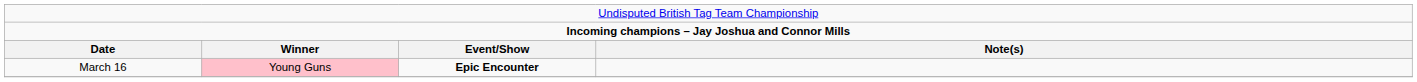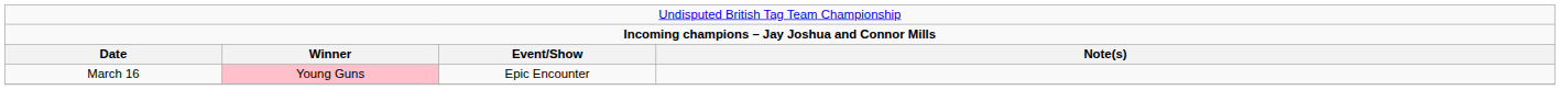 <table class="wikitable" style="text-align:center; width:100%;">
 <tr>
 <td colspan="4" style="text-align: center;"><a href='#'>Undisputed British Tag Team Championship</a></td>
 </tr>
 <tr>
 <td colspan="4" style="text-align: center;"><strong>Incoming champions – Jay Joshua and Connor Mills</strong></td>
 </tr>
 <tr>
 <th width=14%>Date</th>
 <th width=14%>Winner</th>
 <th width=14%>Event/Show</th>
 <th width=58%>Note(s)</th>
 </tr>
 <tr>
 <td>March 16</td>
 <td style="background: pink;">Young Guns<br></td>
-<td><strong>Epic Encounter</strong></td>
+<td>Epic Encounter</td>
 <td></td>
 </tr>
 <tr>
 </tr>
 </table>
